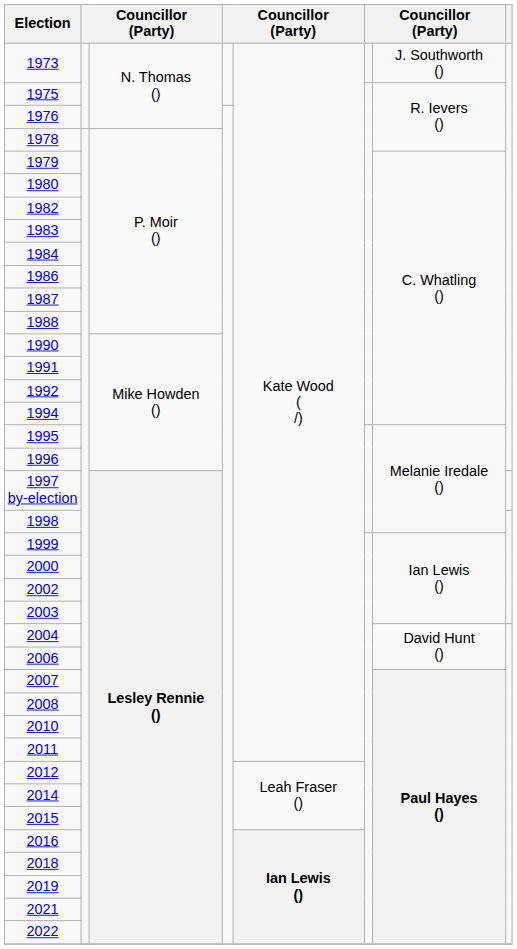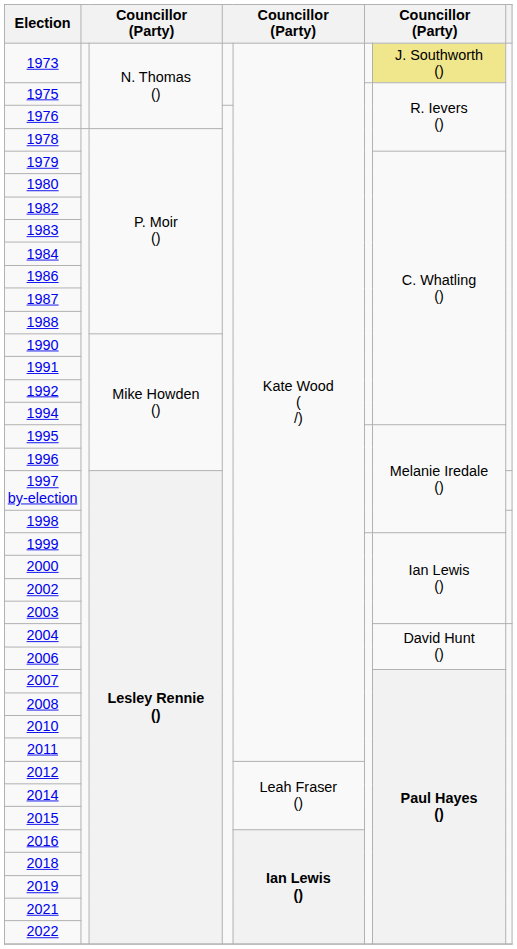 <table class="wikitable" style="text-align:center">
 <tr>
 <th>Election</th>
 <th scope="col" width="150" colspan = "2">Councillor<br> (Party)</th>
 <th scope="col" width="150" colspan = "2">Councillor<br> (Party)</th>
 <th scope="col" width="150" colspan = "2">Councillor<br> (Party)</th>
 <th></th>
 </tr>
 <tr>
 <td><a href='#'>1973</a></td>
 <td rowspan=3 style="background-color: "></td>
 <td rowspan=3>N. Thomas<br>(<a href='#'></a>)</td>
 <td rowspan=2 style="background-color: "></td>
 <td rowspan=30>Kate Wood<br>(<a href='#'></a><br>/<a href='#'></a>)</td>
 <td style="background-color: "></td>
-<td>J. Southworth<br>(<a href='#'></a>)</td>
+<td style="background: khaki;">J. Southworth<br>(<a href='#'></a>)</td>
 <td rowspan=18></td>
 </tr>
 <tr>
 <td><a href='#'>1975</a></td>
 <td rowspan=15 style="background-color: "></td>
 <td rowspan=3>R. Ievers<br>(<a href='#'></a>)</td>
 </tr>
 <tr>
 <td><a href='#'>1976</a></td>
 <td rowspan=36 style="background-color: "></td>
 </tr>
 <tr>
 <td><a href='#'>1978</a></td>
 <td rowspan=35 style="background-color: "></td>
 <td rowspan=9>P. Moir<br>(<a href='#'></a>)</td>
 </tr>
 <tr>
 <td><a href='#'>1979</a></td>
 <td rowspan=12>C. Whatling<br>(<a href='#'></a>)</td>
 </tr>
 <tr>
 <td><a href='#'>1980</a></td>
 </tr>
 <tr>
 <td><a href='#'>1982</a></td>
 </tr>
 <tr>
 <td><a href='#'>1983</a></td>
 </tr>
 <tr>
 <td><a href='#'>1984</a></td>
 </tr>
 <tr>
 <td><a href='#'>1986</a></td>
 </tr>
 <tr>
 <td><a href='#'>1987</a></td>
 </tr>
 <tr>
 <td><a href='#'>1988</a></td>
 </tr>
 <tr>
 <td><a href='#'>1990</a></td>
 <td rowspan=6>Mike Howden<br>(<a href='#'></a>)</td>
 </tr>
 <tr>
 <td><a href='#'>1991</a></td>
 </tr>
 <tr>
 <td><a href='#'>1992</a></td>
 </tr>
 <tr>
 <td><a href='#'>1994</a></td>
 </tr>
 <tr>
 <td><a href='#'>1995</a></td>
 <td rowspan=4 style="background-color: "></td>
 <td rowspan=4>Melanie Iredale<br>(<a href='#'></a>)</td>
 </tr>
 <tr>
 <td><a href='#'>1996</a></td>
 </tr>
 <tr>
 <td><a href='#'>1997<br>by-election</a></td>
 <th rowspan=20>Lesley Rennie<br>(<a href='#'></a>)</th>
 <td></td>
 </tr>
 <tr>
 <td><a href='#'>1998</a></td>
 <td rowspan=5></td>
 </tr>
 <tr>
 <td><a href='#'>1999</a></td>
 <td rowspan=18 style="background-color: "></td>
 <td rowspan=4>Ian Lewis<br>(<a href='#'></a>)</td>
 </tr>
 <tr>
 <td><a href='#'>2000</a></td>
 </tr>
 <tr>
 <td><a href='#'>2002</a></td>
 </tr>
 <tr>
 <td><a href='#'>2003</a></td>
 </tr>
 <tr>
 <td><a href='#'>2004</a></td>
 <td rowspan=2>David Hunt<br>(<a href='#'></a>)</td>
 <td rowspan=14></td>
 </tr>
 <tr>
 <td><a href='#'>2006</a></td>
 </tr>
 <tr>
 <td><a href='#'>2007</a></td>
 <th rowspan=12>Paul Hayes<br>(<a href='#'></a>)</th>
 </tr>
 <tr>
 <td><a href='#'>2008</a></td>
 </tr>
 <tr>
 <td><a href='#'>2010</a></td>
 </tr>
 <tr>
 <td><a href='#'>2011</a></td>
 </tr>
 <tr>
 <td><a href='#'>2012</a></td>
 <td rowspan=3>Leah Fraser<br>(<a href='#'></a>)</td>
 </tr>
 <tr>
 <td><a href='#'>2014</a></td>
 </tr>
 <tr>
 <td><a href='#'>2015</a></td>
 </tr>
 <tr>
 <td><a href='#'>2016</a></td>
 <th rowspan=5>Ian Lewis<br>(<a href='#'></a>)</th>
 </tr>
 <tr>
 <td><a href='#'>2018</a></td>
 </tr>
 <tr>
 <td><a href='#'>2019</a></td>
 </tr>
 <tr>
 <td><a href='#'>2021</a></td>
 </tr>
 <tr>
 <td><a href='#'>2022</a></td>
 </tr>
 <tr>
 </tr>
 </table>
